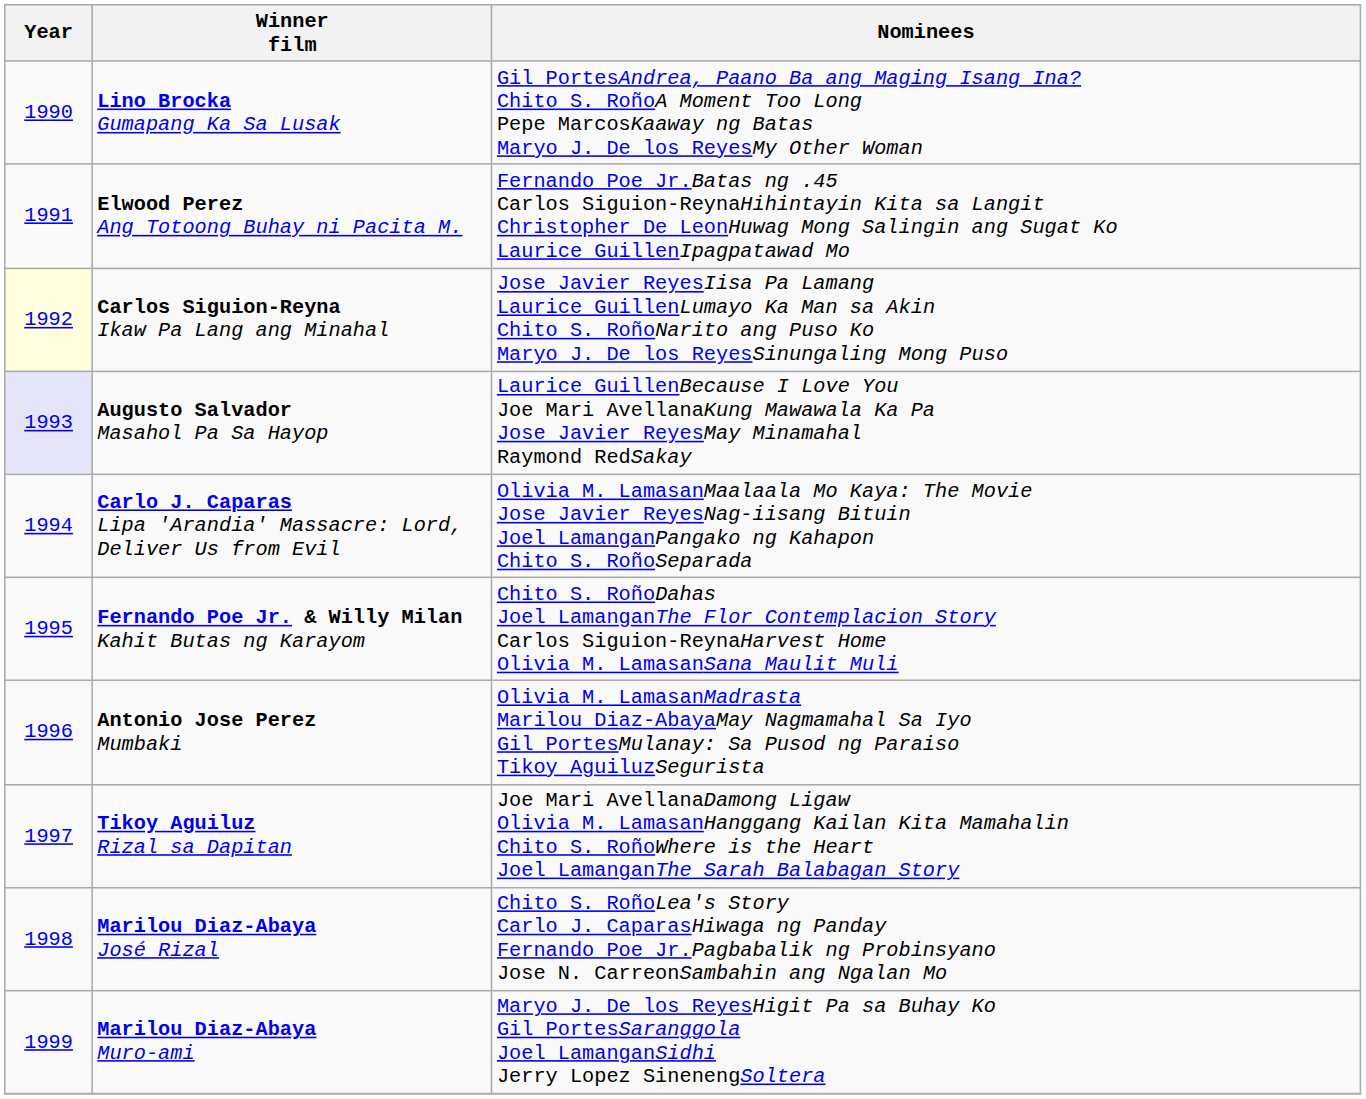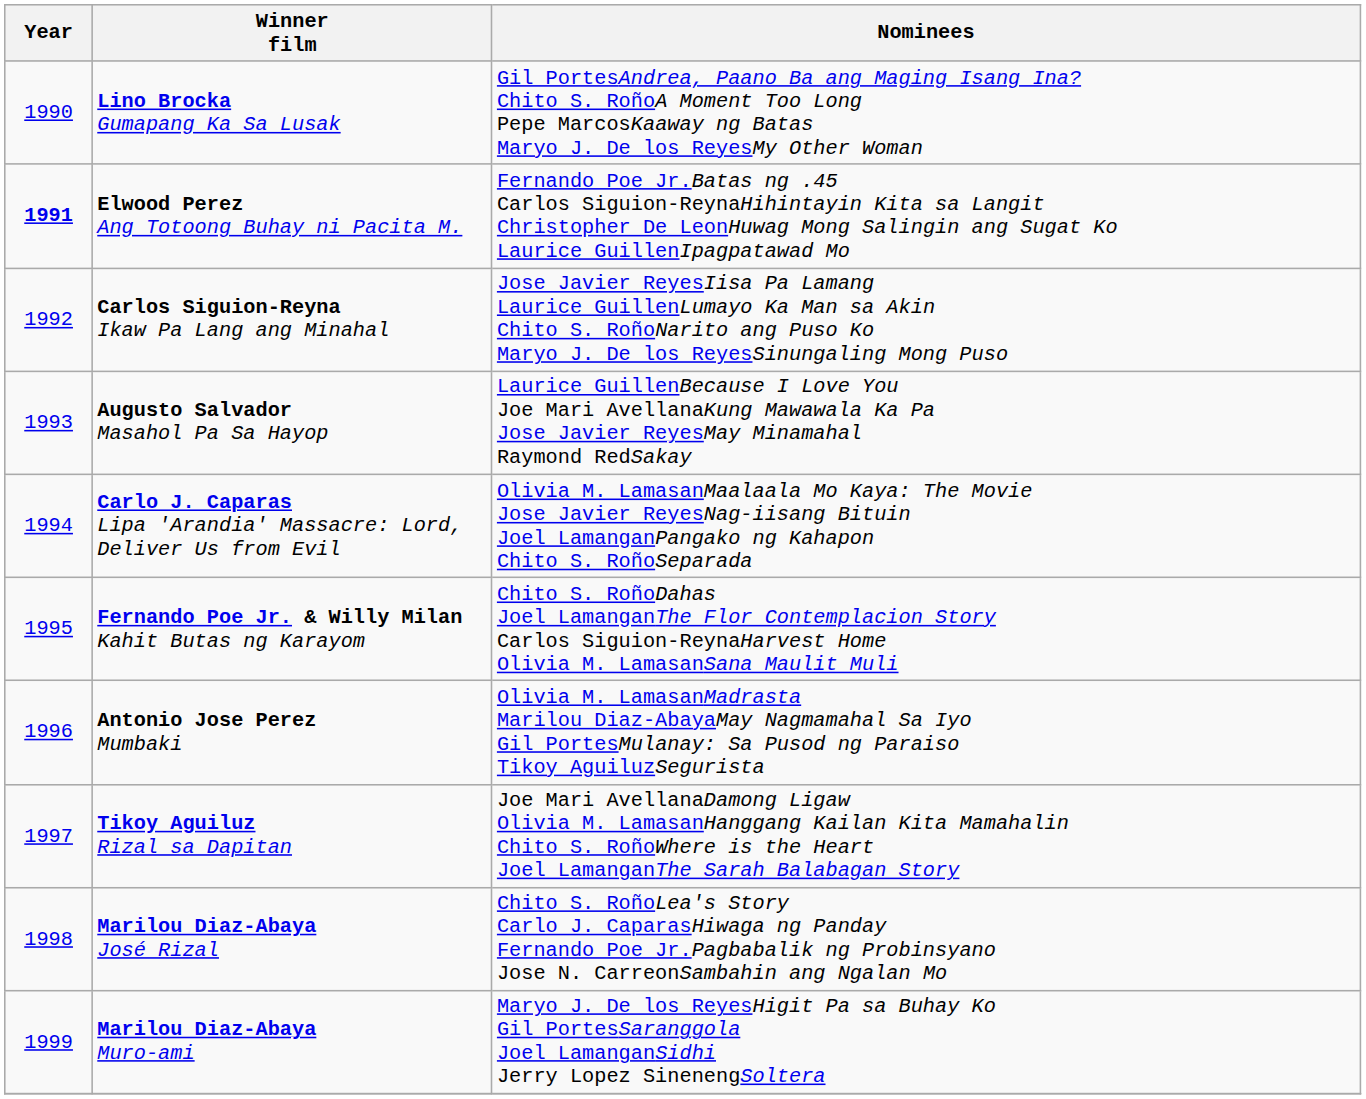 <table class="wikitable">
 <tr>
 <th width="50">Year</th>
 <th width="250">Winner<br>film</th>
 <th width="550">Nominees</th>
 </tr>
 <tr>
 <td align="center"><a href='#'>1990</a></td>
 <td><strong><a href='#'>Lino Brocka</a></strong><br><em><a href='#'>Gumapang Ka Sa Lusak</a></em></td>
 <td><a href='#'>Gil Portes</a><em><a href='#'>Andrea, Paano Ba ang Maging Isang Ina?</a></em><br><a href='#'>Chito S. Roño</a><em>A Moment Too Long</em><br>Pepe Marcos<em>Kaaway ng Batas</em><br><a href='#'>Maryo J. De los Reyes</a><em>My Other Woman</em></td>
 </tr>
 <tr>
-<td align="center"><a href='#'>1991</a></td>
+<td align="center"><strong><a href='#'>1991</a></strong></td>
 <td><strong>Elwood Perez</strong><br><em><a href='#'>Ang Totoong Buhay ni Pacita M.</a></em></td>
 <td><a href='#'>Fernando Poe Jr.</a><em>Batas ng .45</em><br>Carlos Siguion-Reyna<em>Hihintayin Kita sa Langit</em><br><a href='#'>Christopher De Leon</a><em>Huwag Mong Salingin ang Sugat Ko</em><br><a href='#'>Laurice Guillen</a><em>Ipagpatawad Mo</em></td>
 </tr>
 <tr>
-<td align="center" style="background: lightyellow;"><a href='#'>1992</a></td>
+<td align="center"><a href='#'>1992</a></td>
 <td><strong>Carlos Siguion-Reyna</strong><br><em>Ikaw Pa Lang ang Minahal</em></td>
 <td><a href='#'>Jose Javier Reyes</a><em>Iisa Pa Lamang</em><br><a href='#'>Laurice Guillen</a><em>Lumayo Ka Man sa Akin</em><br><a href='#'>Chito S. Roño</a><em>Narito ang Puso Ko</em><br><a href='#'>Maryo J. De los Reyes</a><em>Sinungaling Mong Puso</em></td>
 </tr>
 <tr>
-<td align="center" style="background: lavender;"><a href='#'>1993</a></td>
+<td align="center"><a href='#'>1993</a></td>
 <td><strong>Augusto Salvador</strong><br><em>Masahol Pa Sa Hayop</em></td>
 <td><a href='#'>Laurice Guillen</a><em>Because I Love You</em><br>Joe Mari Avellana<em>Kung Mawawala Ka Pa</em><br><a href='#'>Jose Javier Reyes</a><em>May Minamahal</em><br>Raymond Red<em>Sakay</em></td>
 </tr>
 <tr>
 <td align="center"><a href='#'>1994</a></td>
 <td><strong><a href='#'>Carlo J. Caparas</a></strong><br><em>Lipa 'Arandia' Massacre: Lord, Deliver Us from Evil</em></td>
 <td><a href='#'>Olivia M. Lamasan</a><em>Maalaala Mo Kaya: The Movie</em> <br> <a href='#'>Jose Javier Reyes</a><em>Nag-iisang Bituin</em> <br> <a href='#'>Joel Lamangan</a><em>Pangako ng Kahapon</em> <br> <a href='#'>Chito S. Roño</a><em>Separada</em></td>
 </tr>
 <tr>
 <td align="center"><a href='#'>1995</a></td>
 <td><strong><a href='#'>Fernando Poe Jr.</a> & Willy Milan </strong><br><em>Kahit Butas ng Karayom</em></td>
 <td><a href='#'>Chito S. Roño</a><em>Dahas</em> <br> <a href='#'>Joel Lamangan</a><em><a href='#'>The Flor Contemplacion Story</a></em> <br> Carlos Siguion-Reyna<em>Harvest Home</em> <br> <a href='#'>Olivia M. Lamasan</a><em><a href='#'>Sana Maulit Muli</a></em></td>
 </tr>
 <tr>
 <td align="center"><a href='#'>1996</a></td>
 <td><strong>Antonio Jose Perez </strong><br><em>Mumbaki</em></td>
 <td><a href='#'>Olivia M. Lamasan</a><em><a href='#'>Madrasta</a></em> <br> <a href='#'>Marilou Diaz-Abaya</a><em>May Nagmamahal Sa Iyo</em> <br> <a href='#'>Gil Portes</a><em>Mulanay: Sa Pusod ng Paraiso</em> <br> <a href='#'>Tikoy Aguiluz</a><em>Segurista</em></td>
 </tr>
 <tr>
 <td align="center"><a href='#'>1997</a></td>
 <td><strong><a href='#'>Tikoy Aguiluz</a> </strong><br><em><a href='#'>Rizal sa Dapitan</a></em></td>
 <td>Joe Mari Avellana<em>Damong Ligaw</em> <br> <a href='#'>Olivia M. Lamasan</a><em>Hanggang Kailan Kita Mamahalin</em> <br> <a href='#'>Chito S. Roño</a><em>Where is the Heart</em> <br> <a href='#'>Joel Lamangan</a><em><a href='#'>The Sarah Balabagan Story</a></em></td>
 </tr>
 <tr>
 <td align="center"><a href='#'>1998</a></td>
 <td><strong><a href='#'>Marilou Diaz-Abaya</a> </strong><br><em><a href='#'>José Rizal</a></em></td>
 <td><a href='#'>Chito S. Roño</a><em>Lea's Story</em> <br> <a href='#'>Carlo J. Caparas</a><em>Hiwaga ng Panday</em> <br> <a href='#'>Fernando Poe Jr.</a><em>Pagbabalik ng Probinsyano</em> <br> Jose N. Carreon<em>Sambahin ang Ngalan Mo</em></td>
 </tr>
 <tr>
 <td align="center"><a href='#'>1999</a></td>
 <td><strong><a href='#'>Marilou Diaz-Abaya</a></strong><br><em><a href='#'>Muro-ami</a></em></td>
 <td><a href='#'>Maryo J. De los Reyes</a><em>Higit Pa sa Buhay Ko</em> <br> <a href='#'>Gil Portes</a><em><a href='#'>Saranggola</a></em> <br> <a href='#'>Joel Lamangan</a><em><a href='#'>Sidhi</a></em> <br> Jerry Lopez Sineneng<em><a href='#'>Soltera</a></em></td>
 </tr>
 <tr>
 </tr>
 </table>
